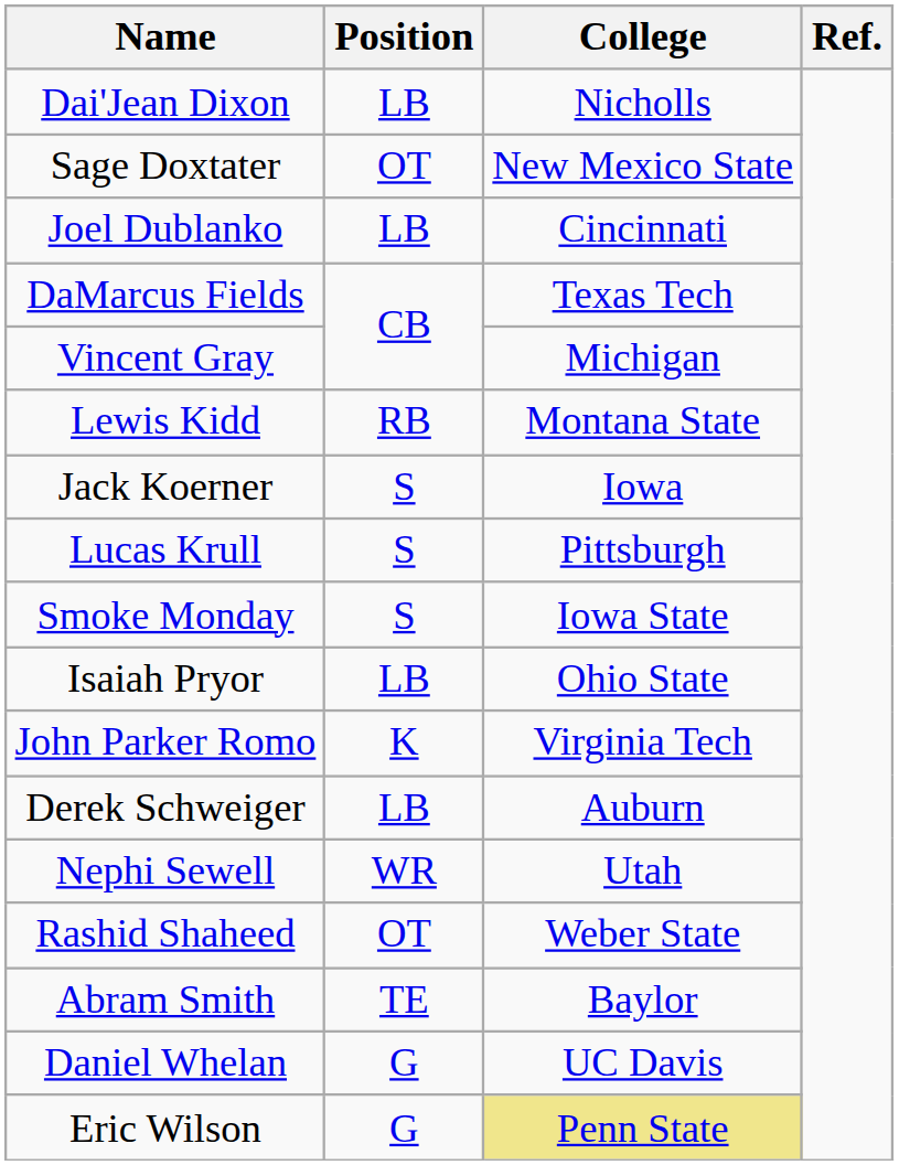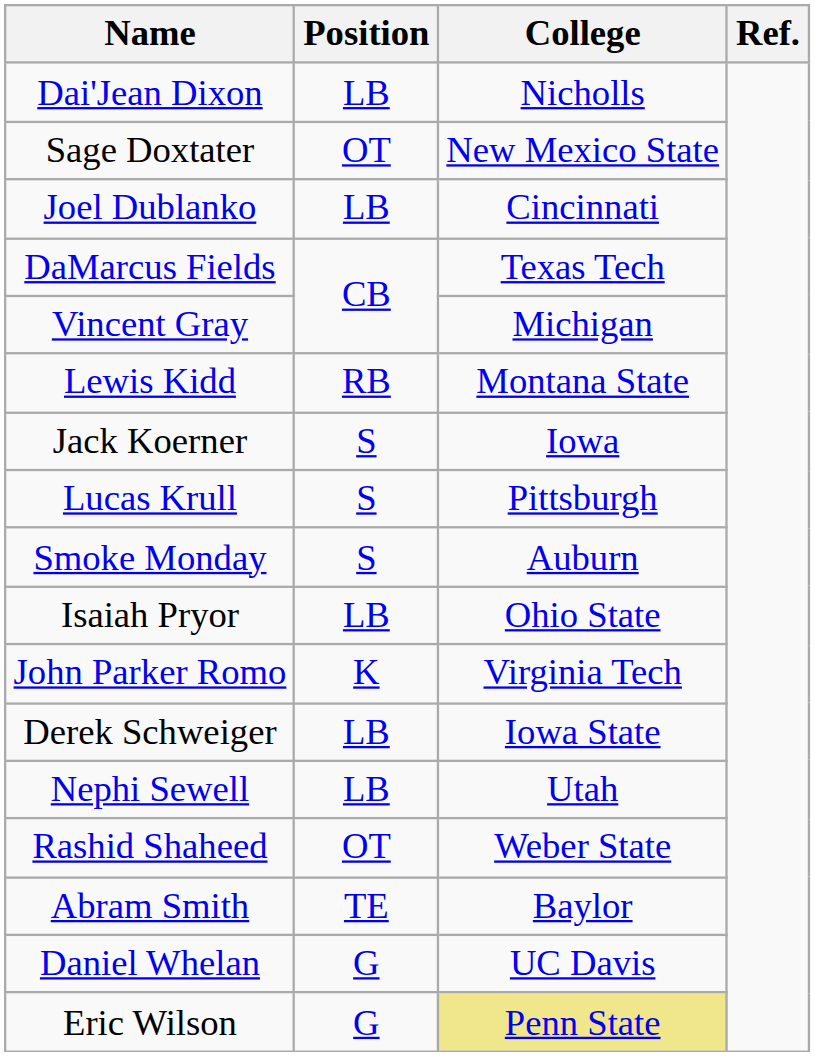 <table class="wikitable" style="text-align:center">
 <tr>
 <th>Name</th>
 <th>Position</th>
 <th>College</th>
 <th>Ref.</th>
 </tr>
 <tr>
 <td><a href='#'>Dai'Jean Dixon</a></td>
 <td><a href='#'>LB</a></td>
 <td><a href='#'>Nicholls</a></td>
 <td rowspan = 17></td>
 </tr>
 <tr>
 <td>Sage Doxtater</td>
 <td><a href='#'>OT</a></td>
 <td><a href='#'>New Mexico State</a></td>
 </tr>
 <tr>
 <td><a href='#'>Joel Dublanko</a></td>
 <td><a href='#'>LB</a></td>
 <td><a href='#'>Cincinnati</a></td>
 </tr>
 <tr>
 <td><a href='#'>DaMarcus Fields</a></td>
 <td rowspan = 2><a href='#'>CB</a></td>
 <td><a href='#'>Texas Tech</a></td>
 </tr>
 <tr>
 <td><a href='#'>Vincent Gray</a></td>
 <td><a href='#'>Michigan</a></td>
 </tr>
 <tr>
 <td><a href='#'>Lewis Kidd</a></td>
 <td><a href='#'>RB</a></td>
 <td><a href='#'>Montana State</a></td>
 </tr>
 <tr>
 <td>Jack Koerner</td>
 <td><a href='#'>S</a></td>
 <td><a href='#'>Iowa</a></td>
 </tr>
 <tr>
 <td><a href='#'>Lucas Krull</a></td>
 <td><a href='#'>S</a></td>
 <td><a href='#'>Pittsburgh</a></td>
 </tr>
 <tr>
 <td><a href='#'>Smoke Monday</a></td>
 <td><a href='#'>S</a></td>
-<td><a href='#'>Iowa State</a></td>
+<td><a href='#'>Auburn</a></td>
 </tr>
 <tr>
 <td>Isaiah Pryor</td>
 <td><a href='#'>LB</a></td>
 <td><a href='#'>Ohio State</a></td>
 </tr>
 <tr>
 <td><a href='#'>John Parker Romo</a></td>
 <td><a href='#'>K</a></td>
 <td><a href='#'>Virginia Tech</a></td>
 </tr>
 <tr>
 <td>Derek Schweiger</td>
 <td><a href='#'>LB</a></td>
-<td><a href='#'>Auburn</a></td>
+<td><a href='#'>Iowa State</a></td>
 </tr>
 <tr>
 <td><a href='#'>Nephi Sewell</a></td>
-<td><a href='#'>WR</a></td>
+<td><a href='#'>LB</a></td>
 <td><a href='#'>Utah</a></td>
 </tr>
 <tr>
 <td><a href='#'>Rashid Shaheed</a></td>
 <td><a href='#'>OT</a></td>
 <td><a href='#'>Weber State</a></td>
 </tr>
 <tr>
 <td><a href='#'>Abram Smith</a></td>
 <td><a href='#'>TE</a></td>
 <td><a href='#'>Baylor</a></td>
 </tr>
 <tr>
 <td><a href='#'>Daniel Whelan</a></td>
 <td><a href='#'>G</a></td>
 <td><a href='#'>UC Davis</a></td>
 </tr>
 <tr>
 <td>Eric Wilson</td>
 <td><a href='#'>G</a></td>
 <td style="background: khaki;"><a href='#'>Penn State</a></td>
 </tr>
 </table>
